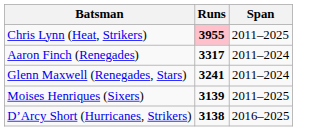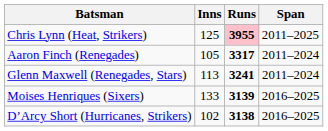 <table class="wikitable" style="text-align:center">
 <tr>
 <th>Batsman</th>
+<th>Inns</th>
 <th>Runs</th>
 <th>Span</th>
 </tr>
 <tr>
 <td style="text-align:left"><span><a href='#'></a> <a href='#'></a></span> <a href='#'>Chris Lynn</a> <span>(<a href='#'>Heat</a>, <a href='#'>Strikers</a>)</span></td>
+<td>125</td>
 <td style="background: pink;"><strong>3955</strong></td>
 <td style="text-align:left">2011–2025</td>
 </tr>
 <tr>
 <td style="text-align:left"><span><a href='#'></a></span> <a href='#'>Aaron Finch</a> <span>(<a href='#'>Renegades</a>)</span></td>
+<td style="text-align:center">105</td>
 <td style="text-align:center"><strong>3317</strong></td>
 <td>2011–2024</td>
 </tr>
 <tr>
 <td style="text-align:left"><span><a href='#'></a> <a href='#'></a></span> <a href='#'>Glenn Maxwell</a> <span>(<a href='#'>Renegades</a>, <a href='#'>Stars</a>)</span></td>
+<td>113</td>
 <td><strong>3241</strong></td>
 <td>2011–2024</td>
 </tr>
 <tr>
 <td style="text-align:left"><span><a href='#'></a></span> <a href='#'>Moises Henriques</a> <span>(<a href='#'>Sixers</a>)</span></td>
+<td style="text-align:center">133</td>
 <td style="text-align:center"><strong>3139</strong></td>
-<td>2011–2025</td>
+<td>2016–2025</td>
 </tr>
 <tr>
 <td style="text-align:left"><span><a href='#'></a></span> <span><a href='#'></a></span> <a href='#'>D’Arcy Short</a> <span>(<a href='#'>Hurricanes</a>, <a href='#'>Strikers</a>)</span></td>
+<td style="text align:center">102</td>
 <td style="text-align:center"><strong>3138</strong></td>
 <td>2016–2025</td>
 </tr>
 </table>
